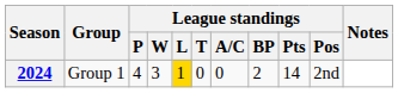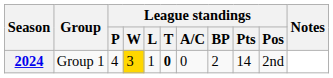 <table class="wikitable sortable">
 <tr>
 <th scope="col" rowspan="2">Season</th>
 <th scope="col" rowspan="2">Group</th>
 <th scope="col" colspan="8">League standings</th>
 <th scope="col" rowspan="2">Notes</th>
 </tr>
 <tr>
 <th scope="col">P</th>
 <th scope="col">W</th>
 <th scope="col">L</th>
 <th scope="col">T</th>
 <th scope="col">A/C</th>
 <th scope="col">BP</th>
 <th scope="col">Pts</th>
 <th scope="col">Pos</th>
 </tr>
 <tr>
 <th scope="row"><a href='#'>2024</a></th>
 <td>Group 1</td>
 <td>4</td>
-<td>3</td>
-<td style="background: gold;">1</td>
-<td>0</td>
+<td style="background: gold;">3</td>
+<td>1</td>
+<td><strong>0</strong></td>
 <td>0</td>
 <td>2</td>
 <td>14</td>
 <td>2nd</td>
 <td style="background: white;"></td>
 </tr>
 </table>
